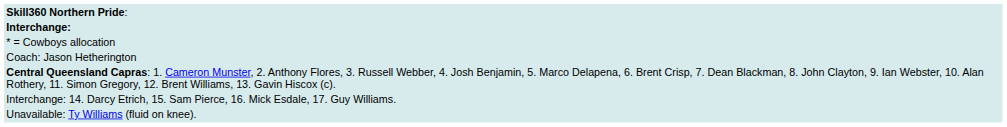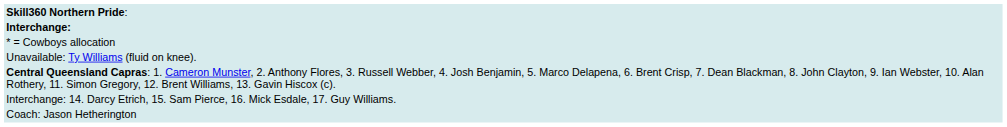 <table style="background:#d7ebed; font-size:85%; width:100%;">
 <tr>
 <td><strong>Skill360 Northern Pride</strong>:             </td>
 </tr>
 <tr>
 <td><strong>Interchange:    </strong></td>
 </tr>
 <tr>
 <td>* = Cowboys allocation</td>
 </tr>
 <tr>
-<td>Coach: Jason Hetherington</td>
+<td>Unavailable: <a href='#'>Ty Williams</a> (fluid on knee).</td>
 </tr>
 <tr>
 <td><strong>Central Queensland Capras</strong>: 1. <a href='#'>Cameron Munster</a>, 2. Anthony Flores, 3. Russell Webber, 4. Josh Benjamin, 5. Marco Delapena, 6. Brent Crisp, 7. Dean Blackman, 8. John Clayton, 9. Ian Webster, 10. Alan Rothery, 11. Simon Gregory, 12. Brent Williams, 13. Gavin Hiscox (c).</td>
 </tr>
 <tr>
 <td>Interchange: 14. Darcy Etrich, 15. Sam Pierce, 16. Mick Esdale, 17. Guy Williams.</td>
 </tr>
 <tr>
-<td>Unavailable: <a href='#'>Ty Williams</a> (fluid on knee).</td>
+<td>Coach: Jason Hetherington</td>
 </tr>
 </table>
